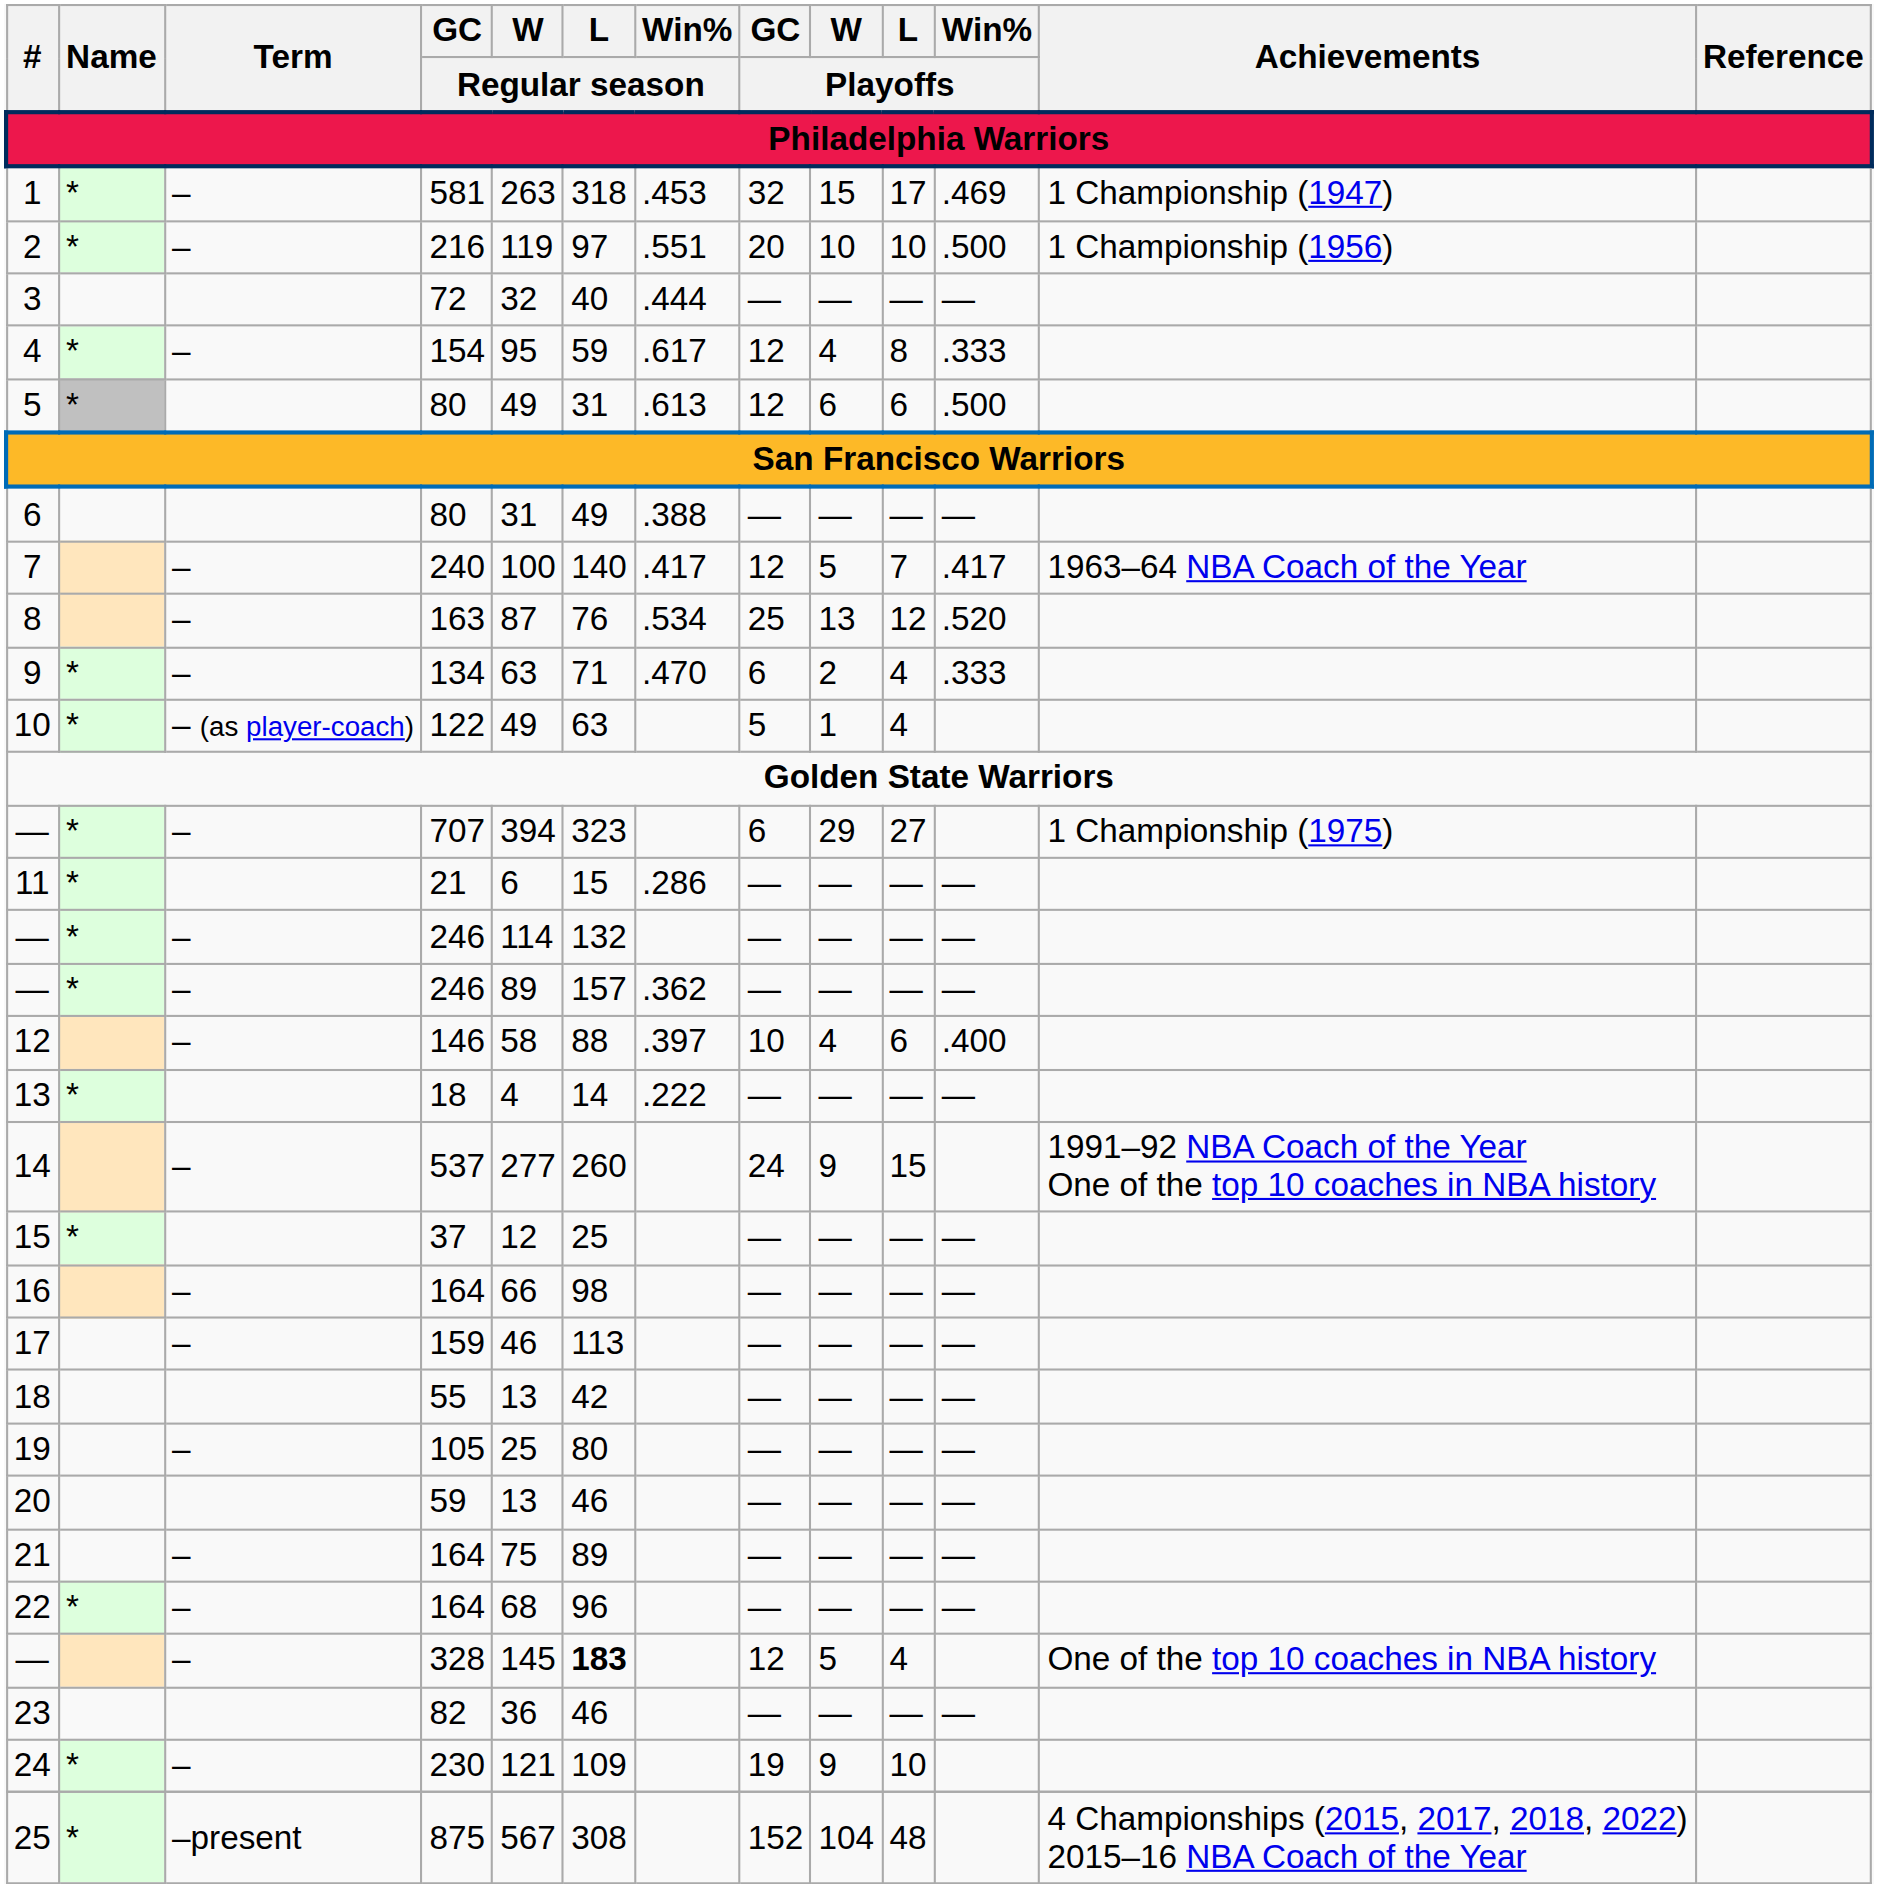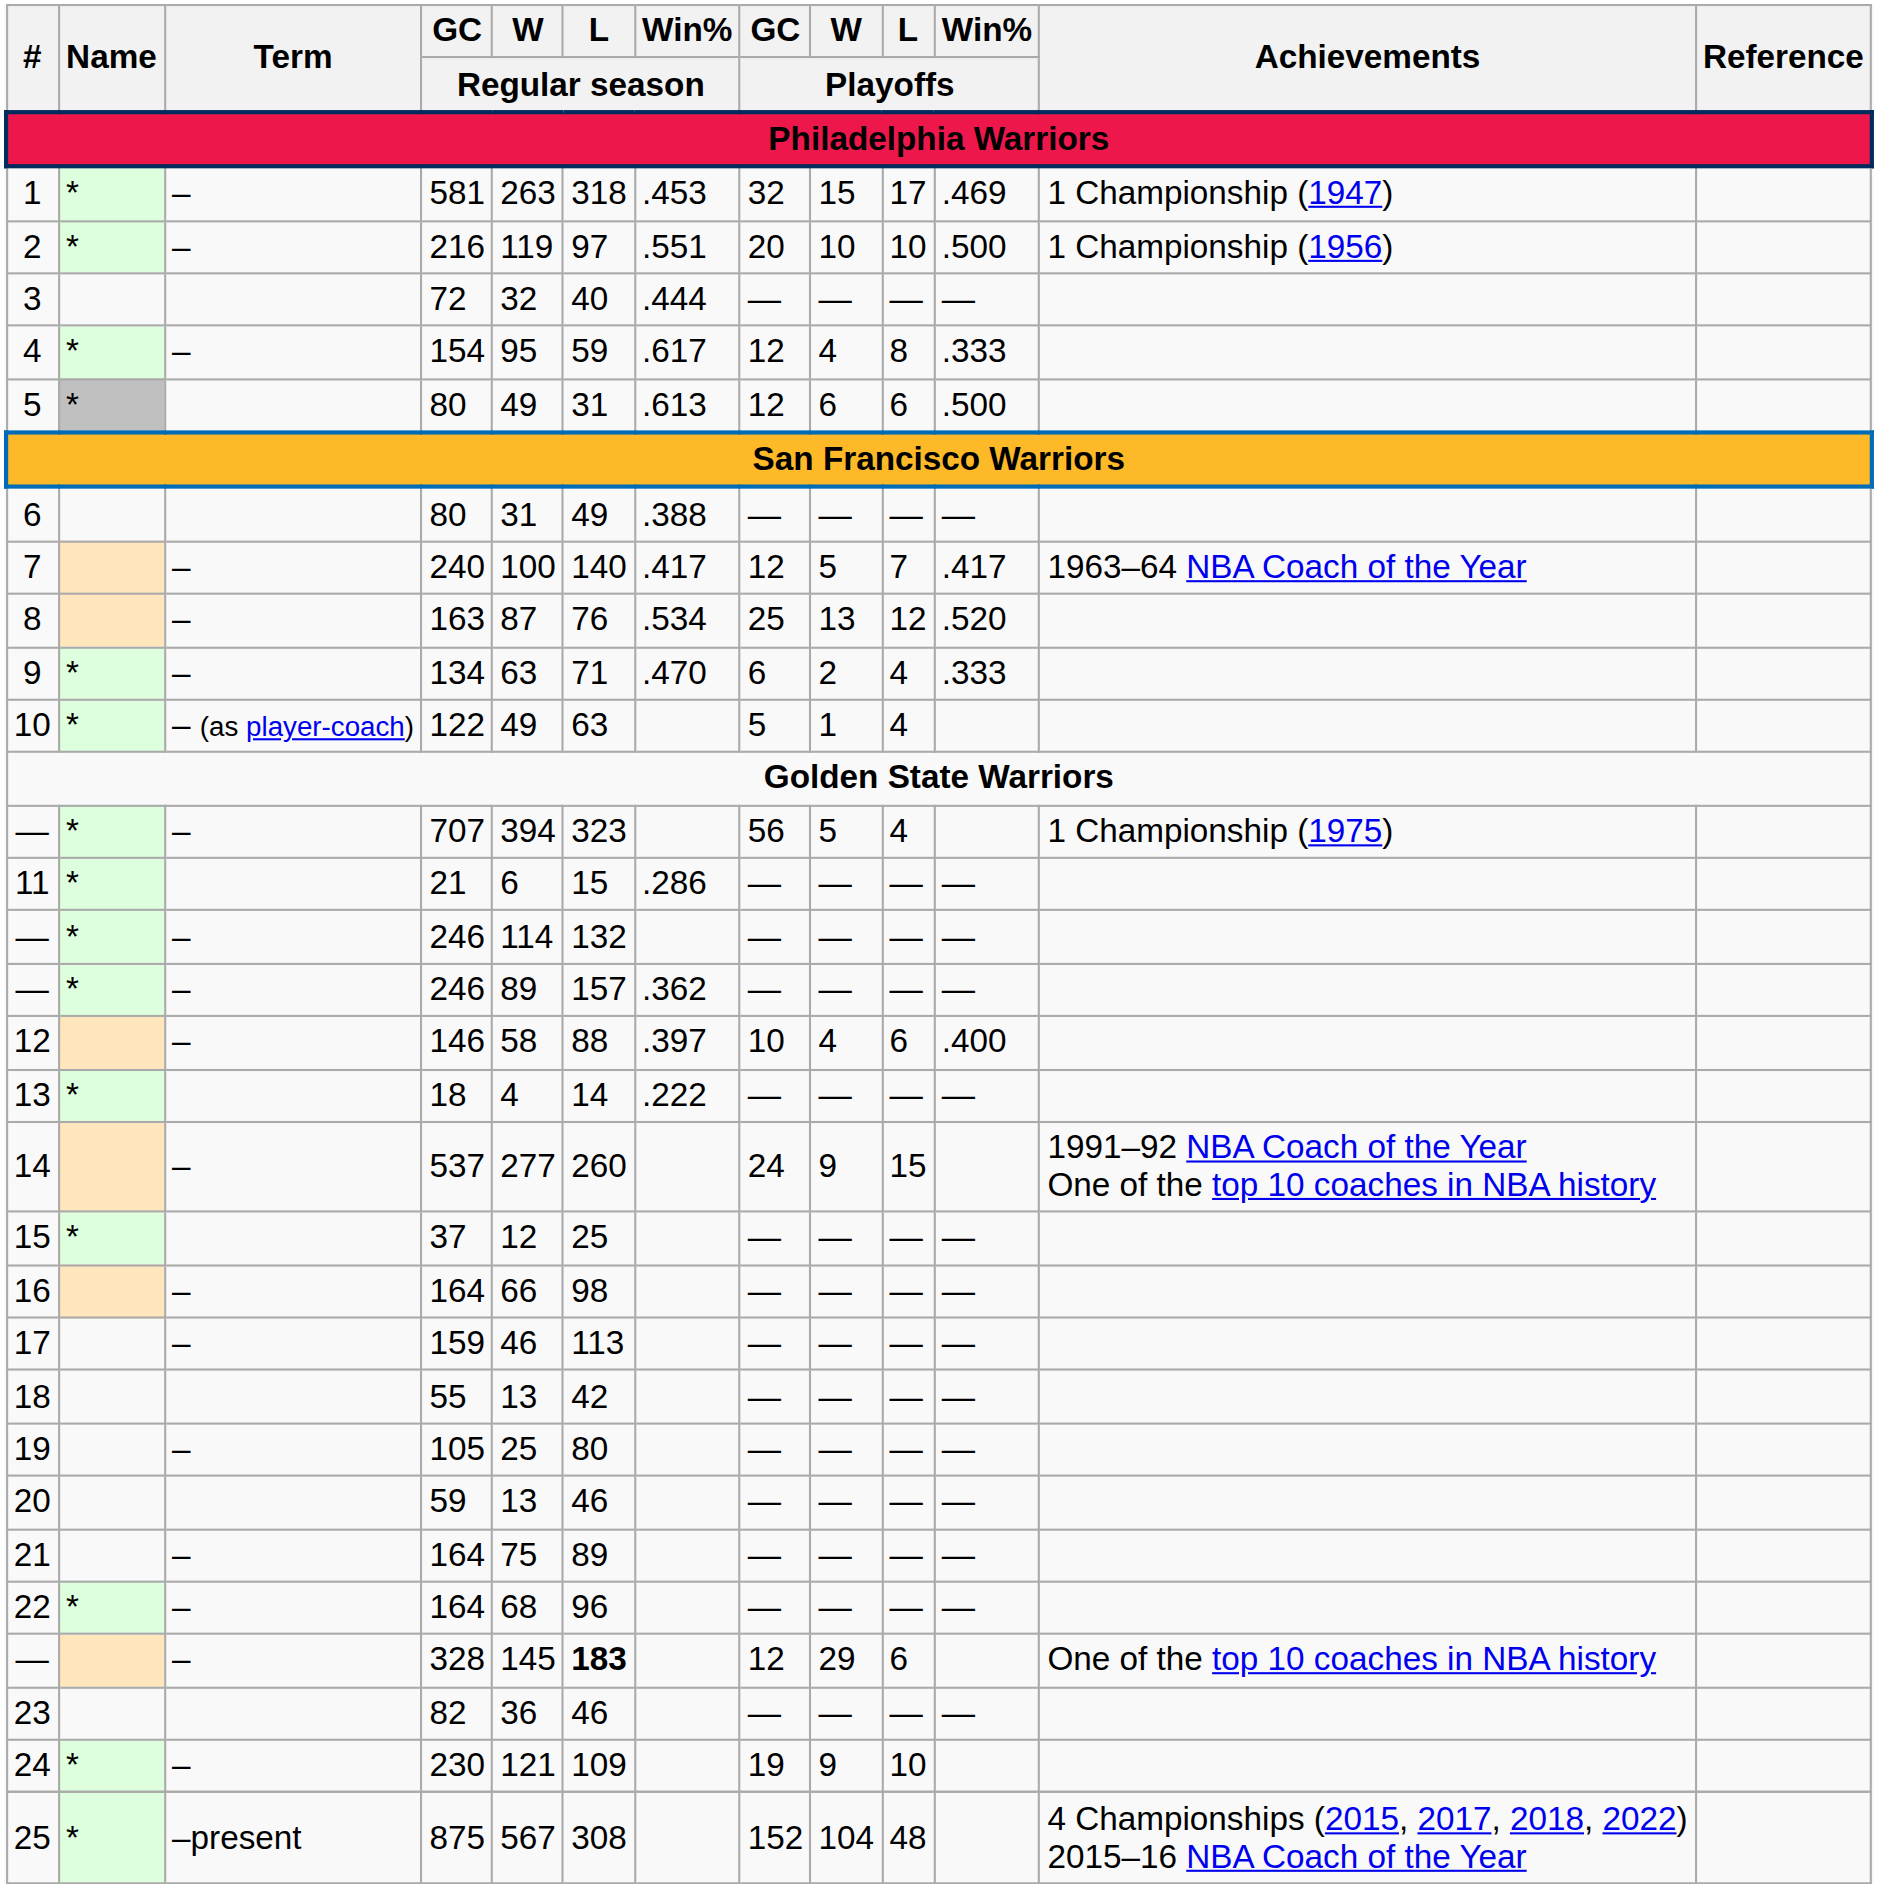 <table class="wikitable sortable">
 <tr>
 <th rowspan="2">#</th>
 <th rowspan="2">Name</th>
 <th rowspan="2">Term</th>
 <th>GC</th>
 <th>W</th>
 <th>L</th>
 <th>Win%</th>
 <th>GC</th>
 <th>W</th>
 <th>L</th>
 <th>Win%</th>
 <th rowspan="2" class=unsortable>Achievements</th>
 <th rowspan="2" class=unsortable>Reference</th>
 </tr>
 <tr class="unsortable">
 <th colspan="4">Regular season</th>
 <th colspan="4">Playoffs</th>
 </tr>
 <tr>
 <td colspan="16" align="center" style="border:2px solid #002B5C; background-color:#ED174C;"><span><strong>Philadelphia Warriors</strong></span></td>
 </tr>
 <tr>
 <td align=center>1</td>
 <td bgcolor="#ddffdd">*</td>
 <td>–</td>
 <td>581</td>
 <td>263</td>
 <td>318</td>
 <td>.453</td>
 <td>32</td>
 <td>15</td>
 <td>17</td>
 <td>.469</td>
 <td>1 Championship (<a href='#'>1947</a>)</td>
 <td align=center></td>
 </tr>
 <tr>
 <td align=center>2</td>
 <td bgcolor="#ddffdd">*</td>
 <td>–</td>
 <td>216</td>
 <td>119</td>
 <td>97</td>
 <td>.551</td>
 <td>20</td>
 <td>10</td>
 <td>10</td>
 <td>.500</td>
 <td>1 Championship (<a href='#'>1956</a>)</td>
 <td align=center></td>
 </tr>
 <tr>
 <td align=center>3</td>
 <td></td>
 <td></td>
 <td>72</td>
 <td>32</td>
 <td>40</td>
 <td>.444</td>
 <td>—</td>
 <td>—</td>
 <td>—</td>
 <td>—</td>
 <td></td>
 <td align=center></td>
 </tr>
 <tr>
 <td align=center>4</td>
 <td bgcolor="#ddffdd">*</td>
 <td>–</td>
 <td>154</td>
 <td>95</td>
 <td>59</td>
 <td>.617</td>
 <td>12</td>
 <td>4</td>
 <td>8</td>
 <td>.333</td>
 <td></td>
 <td align=center></td>
 </tr>
 <tr>
 <td align=center>5</td>
 <td style="background-color:silver">*</td>
 <td></td>
 <td>80</td>
 <td>49</td>
 <td>31</td>
 <td>.613</td>
 <td>12</td>
 <td>6</td>
 <td>6</td>
 <td>.500</td>
 <td></td>
 <td align=center></td>
 </tr>
 <tr>
 <td colspan="16" align="center" style="border:2px solid #006BB6; background-color:#FDB927;"><span><strong>San Francisco Warriors</strong></span></td>
 </tr>
 <tr>
 <td align=center>6</td>
 <td></td>
 <td></td>
 <td>80</td>
 <td>31</td>
 <td>49</td>
 <td>.388</td>
 <td>—</td>
 <td>—</td>
 <td>—</td>
 <td>—</td>
 <td></td>
 <td align=center></td>
 </tr>
 <tr>
 <td align=center>7</td>
 <td bgcolor="#FFE6BD"></td>
 <td>–</td>
 <td>240</td>
 <td>100</td>
 <td>140</td>
 <td>.417</td>
 <td>12</td>
 <td>5</td>
 <td>7</td>
 <td>.417</td>
 <td>1963–64 <a href='#'>NBA Coach of the Year</a></td>
 <td align=center></td>
 </tr>
 <tr>
 <td align=center>8</td>
 <td bgcolor="#FFE6BD"></td>
 <td>–</td>
 <td>163</td>
 <td>87</td>
 <td>76</td>
 <td>.534</td>
 <td>25</td>
 <td>13</td>
 <td>12</td>
 <td>.520</td>
 <td></td>
 <td align=center></td>
 </tr>
 <tr>
 <td align=center>9</td>
 <td bgcolor="#ddffdd">*</td>
 <td>–</td>
 <td>134</td>
 <td>63</td>
 <td>71</td>
 <td>.470</td>
 <td>6</td>
 <td>2</td>
 <td>4</td>
 <td>.333</td>
 <td></td>
 <td align=center></td>
 </tr>
 <tr>
 <td align=center>10</td>
 <td bgcolor="#ddffdd">*</td>
 <td>– <small>(as <a href='#'>player-coach</a>)</small></td>
 <td>122</td>
 <td>49</td>
 <td>63</td>
 <td></td>
 <td>5</td>
 <td>1</td>
 <td>4</td>
 <td></td>
 <td></td>
 <td align=center></td>
 </tr>
 <tr>
 <td colspan="16" align="center"><strong>Golden State Warriors</strong></td>
 </tr>
 <tr>
 <td align=center>—</td>
 <td bgcolor="#ddffdd">*</td>
 <td>–</td>
 <td>707</td>
 <td>394</td>
 <td>323</td>
 <td></td>
-<td>6</td>
-<td>29</td>
-<td>27</td>
+<td>56</td>
+<td>5</td>
+<td>4</td>
 <td></td>
 <td>1 Championship (<a href='#'>1975</a>)</td>
 <td align=center></td>
 </tr>
 <tr>
 <td align=center>11</td>
 <td bgcolor="#ddffdd">*</td>
 <td></td>
 <td>21</td>
 <td>6</td>
 <td>15</td>
 <td>.286</td>
 <td>—</td>
 <td>—</td>
 <td>—</td>
 <td>—</td>
 <td></td>
 <td align=center></td>
 </tr>
 <tr>
 <td align=center>—</td>
 <td bgcolor="#ddffdd">*</td>
 <td>–</td>
 <td>246</td>
 <td>114</td>
 <td>132</td>
 <td></td>
 <td>—</td>
 <td>—</td>
 <td>—</td>
 <td>—</td>
 <td></td>
 <td align=center></td>
 </tr>
 <tr>
 <td align=center>—</td>
 <td bgcolor="#ddffdd">*</td>
 <td>–</td>
 <td>246</td>
 <td>89</td>
 <td>157</td>
 <td>.362</td>
 <td>—</td>
 <td>—</td>
 <td>—</td>
 <td>—</td>
 <td></td>
 <td align=center></td>
 </tr>
 <tr>
 <td align=center>12</td>
 <td bgcolor="#FFE6BD"></td>
 <td>–</td>
 <td>146</td>
 <td>58</td>
 <td>88</td>
 <td>.397</td>
 <td>10</td>
 <td>4</td>
 <td>6</td>
 <td>.400</td>
 <td></td>
 <td align=center></td>
 </tr>
 <tr>
 <td align=center>13</td>
 <td bgcolor="#ddffdd">*</td>
 <td></td>
 <td>18</td>
 <td>4</td>
 <td>14</td>
 <td>.222</td>
 <td>—</td>
 <td>—</td>
 <td>—</td>
 <td>—</td>
 <td></td>
 <td align=center></td>
 </tr>
 <tr>
 <td align=center>14</td>
 <td bgcolor="#FFE6BD"></td>
 <td>–</td>
 <td>537</td>
 <td>277</td>
 <td>260</td>
 <td></td>
 <td>24</td>
 <td>9</td>
 <td>15</td>
 <td></td>
 <td>1991–92 <a href='#'>NBA Coach of the Year</a><br>One of the <a href='#'>top 10 coaches in NBA history</a></td>
 <td align=center></td>
 </tr>
 <tr>
 <td align=center>15</td>
 <td bgcolor="#ddffdd">*</td>
 <td></td>
 <td>37</td>
 <td>12</td>
 <td>25</td>
 <td></td>
 <td>—</td>
 <td>—</td>
 <td>—</td>
 <td>—</td>
 <td></td>
 <td align=center></td>
 </tr>
 <tr>
 <td align=center>16</td>
 <td bgcolor="#FFE6BD"></td>
 <td>–</td>
 <td>164</td>
 <td>66</td>
 <td>98</td>
 <td></td>
 <td>—</td>
 <td>—</td>
 <td>—</td>
 <td>—</td>
 <td></td>
 <td align=center></td>
 </tr>
 <tr>
 <td align=center>17</td>
 <td></td>
 <td>–</td>
 <td>159</td>
 <td>46</td>
 <td>113</td>
 <td></td>
 <td>—</td>
 <td>—</td>
 <td>—</td>
 <td>—</td>
 <td></td>
 <td align=center></td>
 </tr>
 <tr>
 <td align=center>18</td>
 <td></td>
 <td></td>
 <td>55</td>
 <td>13</td>
 <td>42</td>
 <td></td>
 <td>—</td>
 <td>—</td>
 <td>—</td>
 <td>—</td>
 <td></td>
 <td align=center></td>
 </tr>
 <tr>
 <td align=center>19</td>
 <td></td>
 <td>–</td>
 <td>105</td>
 <td>25</td>
 <td>80</td>
 <td></td>
 <td>—</td>
 <td>—</td>
 <td>—</td>
 <td>—</td>
 <td></td>
 <td align=center></td>
 </tr>
 <tr>
 <td align=center>20</td>
 <td></td>
 <td></td>
 <td>59</td>
 <td>13</td>
 <td>46</td>
 <td></td>
 <td>—</td>
 <td>—</td>
 <td>—</td>
 <td>—</td>
 <td></td>
 <td align=center></td>
 </tr>
 <tr>
 <td align=center>21</td>
 <td></td>
 <td>–</td>
 <td>164</td>
 <td>75</td>
 <td>89</td>
 <td></td>
 <td>—</td>
 <td>—</td>
 <td>—</td>
 <td>—</td>
 <td></td>
 <td align=center></td>
 </tr>
 <tr>
 <td align=center>22</td>
 <td bgcolor="#ddffdd">*</td>
 <td>–</td>
 <td>164</td>
 <td>68</td>
 <td>96</td>
 <td></td>
 <td>—</td>
 <td>—</td>
 <td>—</td>
 <td>—</td>
 <td></td>
 <td align=center></td>
 </tr>
 <tr>
 <td align=center>—</td>
 <td bgcolor="#FFE6BD"></td>
 <td>–</td>
 <td>328</td>
 <td>145</td>
 <td><strong>183</strong></td>
 <td></td>
 <td>12</td>
-<td>5</td>
-<td>4</td>
+<td>29</td>
+<td>6</td>
 <td></td>
 <td>One of the <a href='#'>top 10 coaches in NBA history</a></td>
 <td align=center></td>
 </tr>
 <tr>
 <td align=center>23</td>
 <td></td>
 <td></td>
 <td>82</td>
 <td>36</td>
 <td>46</td>
 <td></td>
 <td>—</td>
 <td>—</td>
 <td>—</td>
 <td>—</td>
 <td></td>
 <td align=center></td>
 </tr>
 <tr>
 <td align=center>24</td>
 <td bgcolor="#ddffdd">*</td>
 <td>–</td>
 <td>230</td>
 <td>121</td>
 <td>109</td>
 <td></td>
 <td>19</td>
 <td>9</td>
 <td>10</td>
 <td></td>
 <td></td>
 <td align=center></td>
 </tr>
 <tr>
 </tr>
 <tr>
 <td align=center>25</td>
 <td bgcolor="#ddffdd">*</td>
 <td>–present</td>
 <td>875</td>
 <td>567</td>
 <td>308</td>
 <td></td>
 <td>152</td>
 <td>104</td>
 <td>48</td>
 <td></td>
 <td>4 Championships (<a href='#'>2015</a>, <a href='#'>2017</a>, <a href='#'>2018</a>, <a href='#'>2022</a>)<br>2015–16 <a href='#'>NBA Coach of the Year</a></td>
 <td align=center></td>
 </tr>
 </table>
